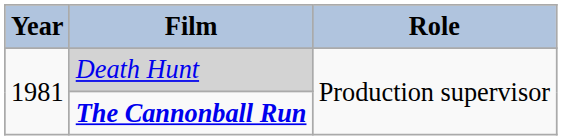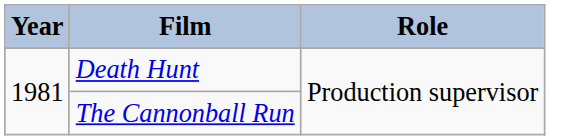 <table class="wikitable" style="font-size:95%;">
 <tr>
 <th style="background:#B0C4DE;">Year</th>
 <th style="background:#B0C4DE;">Film</th>
 <th style="background:#B0C4DE;">Role</th>
 </tr>
 <tr>
 <td rowspan=2>1981</td>
-<td style="background: lightgrey;"><em><a href='#'>Death Hunt</a></em></td>
+<td><em><a href='#'>Death Hunt</a></em></td>
 <td rowspan=2>Production supervisor</td>
 </tr>
 <tr>
-<td><strong><em><a href='#'>The Cannonball Run</a></em></strong></td>
+<td><em><a href='#'>The Cannonball Run</a></em></td>
 </tr>
 </table>
